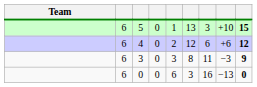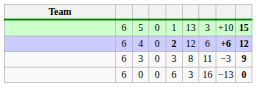 <table class="wikitable" style="text-align:center">
 <tr>
 <th width="175">Team</th>
 <th width="20"></th>
 <th width="20"></th>
 <th width="20"></th>
 <th width="20"></th>
 <th width="20"></th>
 <th width="20"></th>
 <th width="20"></th>
 <th width="20"></th>
 </tr>
 <tr style="border-bottom:3px solid green;">
 </tr>
 <tr bgcolor=#ccffcc>
 <td align=left></td>
 <td>6</td>
 <td>5</td>
 <td>0</td>
 <td>1</td>
 <td>13</td>
 <td>3</td>
 <td>+10</td>
 <td><strong>15</strong></td>
 </tr>
 <tr bgcolor=#ccccff>
 <td align=left></td>
 <td>6</td>
 <td>4</td>
 <td>0</td>
-<td>2</td>
+<td><strong>2</strong></td>
 <td>12</td>
 <td>6</td>
-<td>+6</td>
+<td><strong>+6</strong></td>
 <td><strong>12</strong></td>
 </tr>
 <tr>
 <td align=left></td>
 <td>6</td>
 <td>3</td>
 <td>0</td>
 <td>3</td>
 <td>8</td>
 <td>11</td>
 <td>−3</td>
 <td><strong>9</strong></td>
 </tr>
 <tr>
 <td align=left></td>
 <td>6</td>
 <td>0</td>
 <td>0</td>
 <td>6</td>
 <td>3</td>
 <td>16</td>
 <td>−13</td>
 <td><strong>0</strong></td>
 </tr>
 </table>
